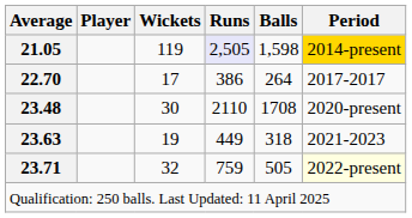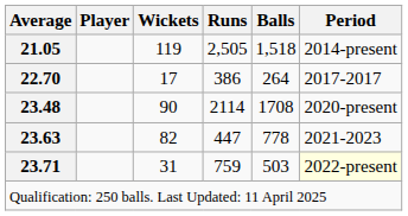 <table class="wikitable sortable" style="text-align:left;font-size:96%;">
 <tr>
 <th>Average</th>
 <th>Player</th>
 <th>Wickets</th>
 <th>Runs</th>
 <th>Balls</th>
 <th>Period</th>
 </tr>
 <tr>
 <th scope=row style=text-align:center;>21.05</th>
 <td></td>
 <td align=center>119</td>
-<td align=center style="background: lavender;">2,505</td>
-<td align=center>1,598</td>
-<td style="background: gold;">2014-present</td>
+<td align=center>2,505</td>
+<td align=center>1,518</td>
+<td>2014-present</td>
 </tr>
 <tr>
 <th scope=row style=text-align:center;>22.70</th>
 <td></td>
 <td align=center>17</td>
 <td align=center>386</td>
 <td align=center>264</td>
 <td>2017-2017</td>
 </tr>
 <tr>
 <th scope=row style=text-align:center;>23.48</th>
 <td></td>
-<td align=center>30</td>
-<td align=center>2110</td>
+<td align=center>90</td>
+<td align=center>2114</td>
 <td align=center>1708</td>
 <td>2020-present</td>
 </tr>
 <tr>
 <th scope=row style=text-align:center;>23.63</th>
 <td></td>
-<td align=center>19</td>
-<td align=center>449</td>
-<td align=center>318</td>
+<td align=center>82</td>
+<td align=center>447</td>
+<td align=center>778</td>
 <td>2021-2023</td>
 </tr>
 <tr>
 <th scope=row style=text-align:center;>23.71</th>
 <td></td>
-<td align=center>32</td>
+<td align=center>31</td>
 <td align=center>759</td>
-<td align=center>505</td>
+<td align=center>503</td>
 <td style="background: lightyellow;">2022-present</td>
 </tr>
 <tr class=sortbottom>
 <td colspan=7><small>Qualification: 250 balls. Last Updated: 11 April 2025</small></td>
 </tr>
 </table>
